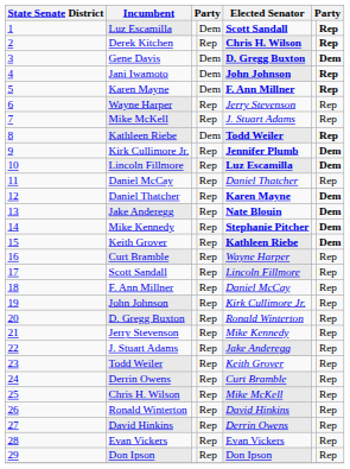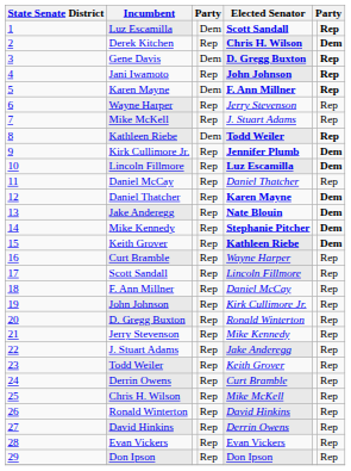 <table class="sortable wikitable" style="font-size:95%;line-height:14px;">
 <tr>
 <th colspan="1"><a href='#'>State Senate</a> District</th>
 <th class="unsortable"><a href='#'>Incumbent</a></th>
 <th colspan="2">Party</th>
 <th class="unsortable">Elected Senator</th>
 <th colspan="2">Party</th>
 </tr>
 <tr>
 <td><a href='#'>1</a></td>
 <td style="background:#E9E9E9;"><a href='#'>Luz Escamilla</a></td>
 <td style="background:"></td>
 <td>Dem</td>
 <td><strong><a href='#'>Scott Sandall</a></strong></td>
 <td style="background:"></td>
 <td><strong>Rep</strong></td>
 </tr>
 <tr>
 <td><a href='#'>2</a></td>
 <td><a href='#'>Derek Kitchen</a></td>
 <td style="background:"></td>
 <td>Rep</td>
 <td style="background:#E9E9E9;"><strong><a href='#'>Chris H. Wilson</a></strong></td>
 <td style="background:"></td>
-<td><strong>Rep</strong></td>
+<td><strong>Dem</strong></td>
 </tr>
 <tr>
 <td><a href='#'>3</a></td>
 <td><a href='#'>Gene Davis</a></td>
 <td style="background:"></td>
 <td>Dem</td>
 <td style="background:#E9E9E9;"><strong><a href='#'>D. Gregg Buxton</a></strong></td>
 <td style="background:"></td>
-<td><strong>Dem</strong></td>
+<td><strong>Rep</strong></td>
 </tr>
 <tr>
 <td><a href='#'>4</a></td>
 <td><a href='#'>Jani Iwamoto</a></td>
 <td style="background:"></td>
-<td>Dem</td>
+<td>Rep</td>
 <td style="background:#E9E9E9;"><strong><a href='#'>John Johnson</a></strong></td>
 <td style="background:"></td>
 <td><strong>Rep</strong></td>
 </tr>
 <tr>
 <td><a href='#'>5</a></td>
 <td><a href='#'>Karen Mayne</a></td>
 <td style="background:"></td>
 <td>Dem</td>
 <td><strong><a href='#'>F. Ann Millner</a></strong></td>
 <td style="background:"></td>
 <td><strong>Rep</strong></td>
 </tr>
 <tr>
 <td><a href='#'>6</a></td>
 <td style="background:#E9E9E9;"><a href='#'>Wayne Harper</a></td>
 <td style="background:"></td>
 <td>Rep</td>
 <td><em><a href='#'>Jerry Stevenson</a></em></td>
 <td style="background:"></td>
 <td>Rep</td>
 </tr>
 <tr>
 <td><a href='#'>7</a></td>
 <td style="background:#E9E9E9;"><a href='#'>Mike McKell</a></td>
 <td style="background:"></td>
 <td>Rep</td>
 <td><em><a href='#'>J. Stuart Adams</a></em></td>
 <td style="background:"></td>
 <td>Rep</td>
 </tr>
 <tr>
 <td><a href='#'>8</a></td>
 <td style="background:#E9E9E9;"><a href='#'>Kathleen Riebe</a></td>
 <td style="background:"></td>
 <td>Dem</td>
 <td style="background:#E9E9E9;"><strong><a href='#'>Todd Weiler</a></strong></td>
 <td style="background:"></td>
 <td><strong>Rep</strong></td>
 </tr>
 <tr>
 <td><a href='#'>9</a></td>
 <td><a href='#'>Kirk Cullimore Jr.</a></td>
 <td style="background:"></td>
 <td>Rep</td>
 <td><strong><a href='#'>Jennifer Plumb</a></strong></td>
 <td style="background:"></td>
 <td><strong>Dem</strong></td>
 </tr>
 <tr>
 <td><a href='#'>10</a></td>
 <td style="background:#E9E9E9;"><a href='#'>Lincoln Fillmore</a></td>
 <td style="background:"></td>
 <td>Rep</td>
 <td style="background:#E9E9E9;"><strong><a href='#'>Luz Escamilla</a></strong></td>
 <td style="background:"></td>
 <td><strong>Dem</strong></td>
 </tr>
 <tr>
 <td><a href='#'>11</a></td>
 <td><a href='#'>Daniel McCay</a></td>
 <td style="background:"></td>
 <td>Rep</td>
 <td><em><a href='#'>Daniel Thatcher</a></em></td>
 <td style="background:"></td>
 <td>Rep</td>
 </tr>
 <tr>
 <td><a href='#'>12</a></td>
 <td><a href='#'>Daniel Thatcher</a></td>
 <td style="background:"></td>
 <td>Rep</td>
 <td><strong><a href='#'>Karen Mayne</a></strong></td>
 <td style="background:"></td>
 <td><strong>Dem</strong></td>
 </tr>
 <tr>
 <td><a href='#'>13</a></td>
 <td style="background:#E9E9E9;"><a href='#'>Jake Anderegg</a></td>
 <td style="background:"></td>
 <td>Rep</td>
 <td><strong><a href='#'>Nate Blouin</a></strong></td>
 <td style="background:"></td>
 <td><strong>Dem</strong></td>
 </tr>
 <tr>
 <td><a href='#'>14</a></td>
 <td><a href='#'>Mike Kennedy</a></td>
 <td style="background:"></td>
 <td>Rep</td>
 <td><strong><a href='#'>Stephanie Pitcher</a></strong></td>
 <td style="background:"></td>
 <td><strong>Dem</strong></td>
 </tr>
 <tr>
 <td><a href='#'>15</a></td>
 <td><a href='#'>Keith Grover</a></td>
 <td style="background:"></td>
 <td>Rep</td>
 <td style="background:#E9E9E9;"><strong><a href='#'>Kathleen Riebe</a></strong></td>
 <td style="background:"></td>
 <td><strong>Dem</strong></td>
 </tr>
 <tr>
 <td><a href='#'>16</a></td>
 <td style="background:#E9E9E9;"><a href='#'>Curt Bramble</a></td>
 <td style="background:"></td>
 <td>Rep</td>
 <td style="background:#E9E9E9;"><em><a href='#'>Wayne Harper</a></em></td>
 <td style="background:"></td>
 <td>Rep</td>
 </tr>
 <tr>
 <td><a href='#'>17</a></td>
 <td><a href='#'>Scott Sandall</a></td>
 <td style="background:"></td>
 <td>Rep</td>
 <td style="background:#E9E9E9;"><em><a href='#'>Lincoln Fillmore</a></em></td>
 <td style="background:"></td>
 <td>Rep</td>
 </tr>
 <tr>
 <td><a href='#'>18</a></td>
 <td><a href='#'>F. Ann Millner</a></td>
 <td style="background:"></td>
 <td>Rep</td>
 <td><em><a href='#'>Daniel McCay</a></em></td>
 <td style="background:"></td>
 <td>Rep</td>
 </tr>
 <tr>
 <td><a href='#'>19</a></td>
 <td style="background:#E9E9E9;"><a href='#'>John Johnson</a></td>
 <td style="background:"></td>
 <td>Rep</td>
 <td><em><a href='#'>Kirk Cullimore Jr.</a></em></td>
 <td style="background:"></td>
 <td>Rep</td>
 </tr>
 <tr>
 <td><a href='#'>20</a></td>
 <td style="background:#E9E9E9;"><a href='#'>D. Gregg Buxton</a></td>
 <td style="background:"></td>
 <td>Rep</td>
 <td><em><a href='#'>Ronald Winterton</a></em></td>
 <td style="background:"></td>
 <td>Rep</td>
 </tr>
 <tr>
 <td><a href='#'>21</a></td>
 <td><a href='#'>Jerry Stevenson</a></td>
 <td style="background:"></td>
 <td>Rep</td>
 <td><em><a href='#'>Mike Kennedy</a></em></td>
 <td style="background:"></td>
 <td>Rep</td>
 </tr>
 <tr>
 <td><a href='#'>22</a></td>
 <td><a href='#'>J. Stuart Adams</a></td>
 <td style="background:"></td>
 <td>Rep</td>
 <td style="background:#E9E9E9;"><em><a href='#'>Jake Anderegg</a></em></td>
 <td style="background:"></td>
 <td>Rep</td>
 </tr>
 <tr>
 <td><a href='#'>23</a></td>
 <td style="background:#E9E9E9;"><a href='#'>Todd Weiler</a></td>
 <td style="background:"></td>
 <td>Rep</td>
 <td><em><a href='#'>Keith Grover</a></em></td>
 <td style="background:"></td>
 <td>Rep</td>
 </tr>
 <tr>
 <td><a href='#'>24</a></td>
 <td style="background:#E9E9E9;"><a href='#'>Derrin Owens</a></td>
 <td style="background:"></td>
 <td>Rep</td>
 <td style="background:#E9E9E9;"><em><a href='#'>Curt Bramble</a></em></td>
 <td style="background:"></td>
 <td>Rep</td>
 </tr>
 <tr>
 <td><a href='#'>25</a></td>
 <td style="background:#E9E9E9;"><a href='#'>Chris H. Wilson</a></td>
 <td style="background:"></td>
 <td>Rep</td>
 <td style="background:#E9E9E9;"><em><a href='#'>Mike McKell</a></em></td>
 <td style="background:"></td>
 <td>Rep</td>
 </tr>
 <tr>
 <td><a href='#'>26</a></td>
 <td><a href='#'>Ronald Winterton</a></td>
 <td style="background:"></td>
 <td>Rep</td>
 <td style="background:#E9E9E9;"><em><a href='#'>David Hinkins</a></em></td>
 <td style="background:"></td>
 <td>Rep</td>
 </tr>
 <tr>
 <td><a href='#'>27</a></td>
 <td style="background:#E9E9E9;"><a href='#'>David Hinkins</a></td>
 <td style="background:"></td>
 <td>Rep</td>
 <td style="background:#E9E9E9;"><em><a href='#'>Derrin Owens</a></em></td>
 <td style="background:"></td>
 <td>Rep</td>
 </tr>
 <tr>
 <td><a href='#'>28</a></td>
 <td><a href='#'>Evan Vickers</a></td>
 <td style="background:"></td>
 <td>Rep</td>
 <td><a href='#'>Evan Vickers</a></td>
 <td style="background:"></td>
 <td>Rep</td>
 </tr>
 <tr>
 <td><a href='#'>29</a></td>
 <td style="background:#E9E9E9;"><a href='#'>Don Ipson</a></td>
 <td style="background:"></td>
 <td>Rep</td>
 <td style="background:#E9E9E9;"><a href='#'>Don Ipson</a></td>
 <td style="background:"></td>
 <td>Rep</td>
 </tr>
 <tr>
 </tr>
 </table>
